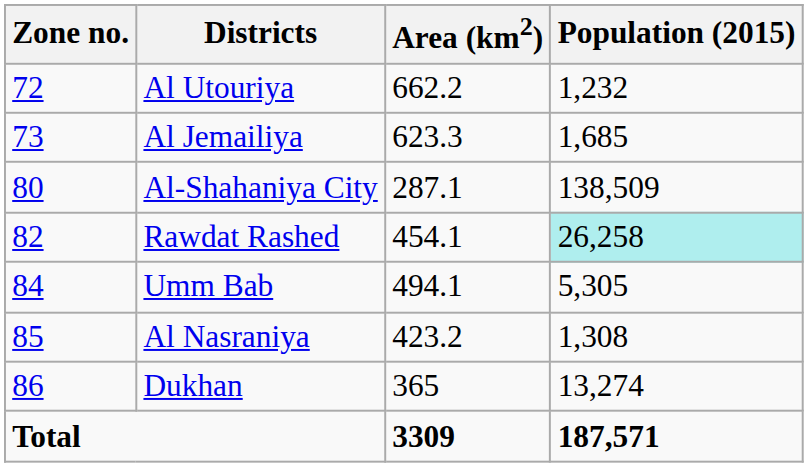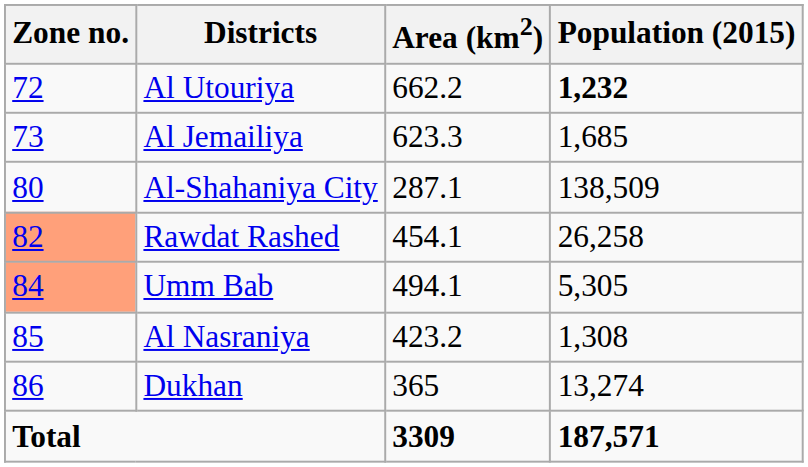 <table class="wikitable">
 <tr>
 <th>Zone no.</th>
 <th>Districts</th>
 <th>Area (km<sup>2</sup>)</th>
 <th>Population (2015)</th>
 </tr>
 <tr>
 <td><a href='#'>72</a></td>
 <td><a href='#'>Al Utouriya</a></td>
 <td>662.2</td>
-<td>1,232</td>
+<td><strong>1,232</strong></td>
 </tr>
 <tr>
 <td><a href='#'>73</a></td>
 <td><a href='#'>Al Jemailiya</a></td>
 <td>623.3</td>
 <td>1,685</td>
 </tr>
 <tr>
 <td><a href='#'>80</a></td>
 <td><a href='#'>Al-Shahaniya City</a></td>
 <td>287.1</td>
 <td>138,509</td>
 </tr>
 <tr>
-<td><a href='#'>82</a></td>
+<td style="background: lightsalmon;"><a href='#'>82</a></td>
 <td><a href='#'>Rawdat Rashed</a></td>
 <td>454.1</td>
-<td style="background: paleturquoise;">26,258</td>
+<td>26,258</td>
 </tr>
 <tr>
-<td><a href='#'>84</a></td>
+<td style="background: lightsalmon;"><a href='#'>84</a></td>
 <td><a href='#'>Umm Bab</a></td>
 <td>494.1</td>
 <td>5,305</td>
 </tr>
 <tr>
 <td><a href='#'>85</a></td>
 <td><a href='#'>Al Nasraniya</a></td>
 <td>423.2</td>
 <td>1,308</td>
 </tr>
 <tr>
 <td><a href='#'>86</a></td>
 <td><a href='#'>Dukhan</a></td>
 <td>365</td>
 <td>13,274</td>
 </tr>
 <tr>
 <td colspan="2"><strong>Total</strong></td>
 <td><strong>3309</strong></td>
 <td><strong>187,571</strong></td>
 </tr>
 </table>
